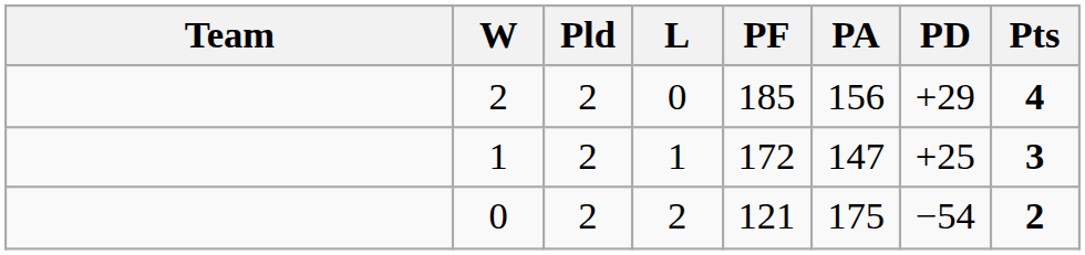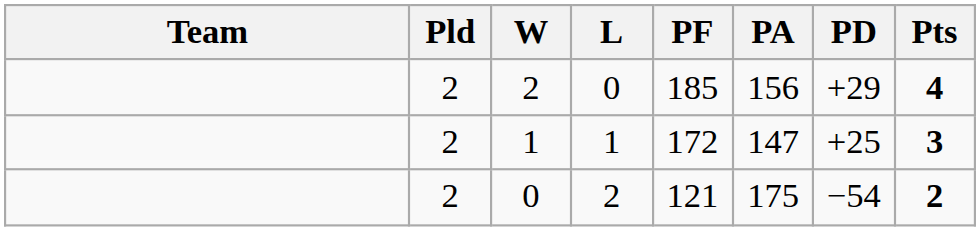 <table class="wikitable" style="text-align:center;">
 <tr>
 <th width=180>Team</th>
+<th width=30>Pld</th>
 <th width=30>W</th>
-<th width=30>Pld</th>
 <th width=30>L</th>
 <th width=30>PF</th>
 <th width=30>PA</th>
 <th width=30>PD</th>
 <th width=30>Pts</th>
 </tr>
 <tr>
 <td align="left"></td>
 <td>2</td>
 <td>2</td>
 <td>0</td>
 <td>185</td>
 <td>156</td>
 <td>+29</td>
 <td><strong>4</strong></td>
 </tr>
 <tr>
 <td align="left"></td>
+<td>2</td>
 <td>1</td>
-<td>2</td>
 <td>1</td>
 <td>172</td>
 <td>147</td>
 <td>+25</td>
 <td><strong>3</strong></td>
 </tr>
 <tr>
 <td align="left"></td>
+<td>2</td>
 <td>0</td>
-<td>2</td>
 <td>2</td>
 <td>121</td>
 <td>175</td>
 <td>−54</td>
 <td><strong>2</strong></td>
 </tr>
 </table>
